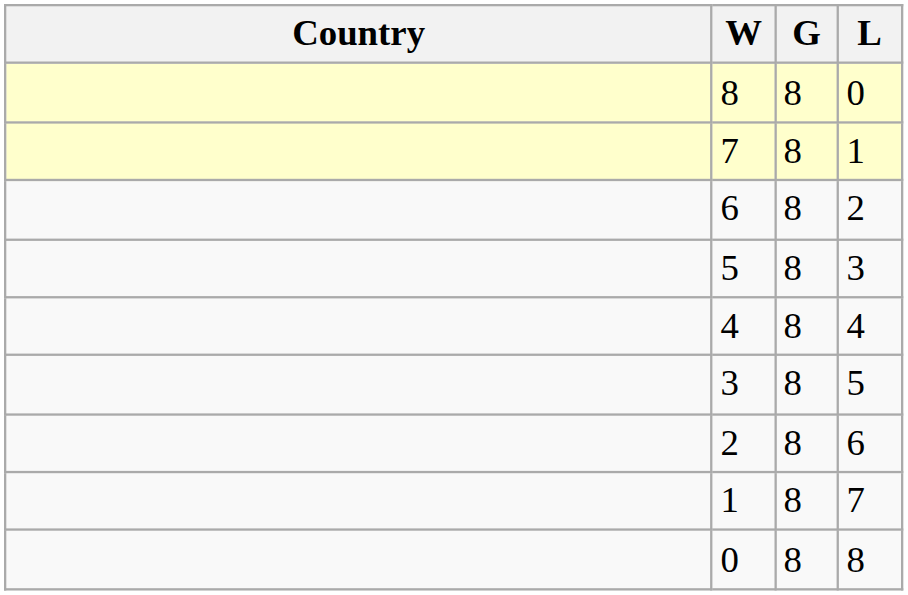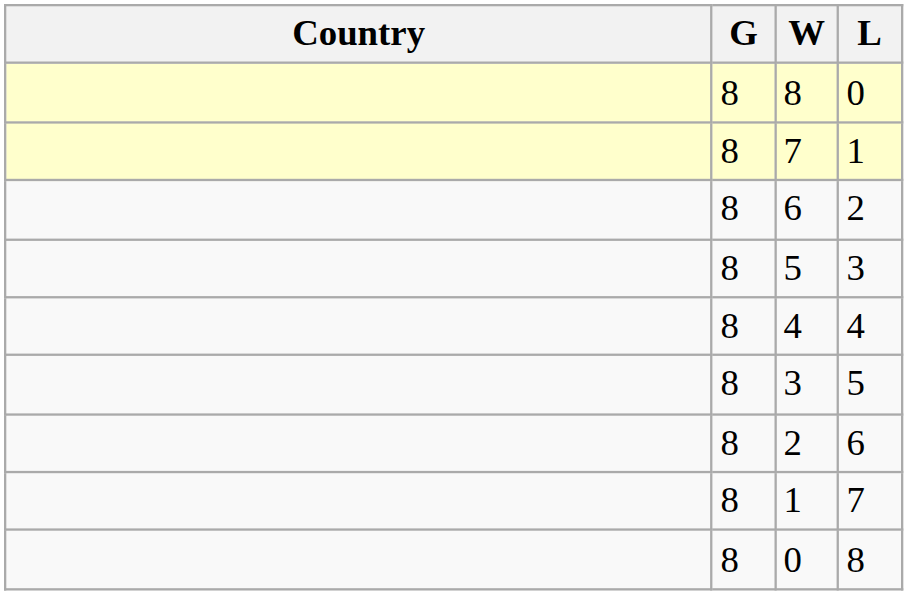 <table class="wikitable">
 <tr>
 <th bgcolor="#efefef" width="300">Country</th>
+<th bgcolor="#efefef" width="20">G</th>
 <th bgcolor="#efefef" width="20">W</th>
-<th bgcolor="#efefef" width="20">G</th>
 <th bgcolor="#efefef" width="20">L</th>
 </tr>
 <tr bgcolor="#ffffcc">
 <td></td>
 <td>8</td>
 <td>8</td>
 <td>0</td>
 </tr>
 <tr bgcolor="#ffffcc">
 <td></td>
+<td>8</td>
 <td>7</td>
-<td>8</td>
 <td>1</td>
 </tr>
 <tr>
 <td></td>
+<td>8</td>
 <td>6</td>
-<td>8</td>
 <td>2</td>
 </tr>
 <tr>
 <td></td>
+<td>8</td>
 <td>5</td>
-<td>8</td>
 <td>3</td>
 </tr>
 <tr>
 <td></td>
+<td>8</td>
 <td>4</td>
-<td>8</td>
 <td>4</td>
 </tr>
 <tr>
 <td></td>
+<td>8</td>
 <td>3</td>
-<td>8</td>
 <td>5</td>
 </tr>
 <tr>
 <td></td>
+<td>8</td>
 <td>2</td>
-<td>8</td>
 <td>6</td>
 </tr>
 <tr>
 <td></td>
+<td>8</td>
 <td>1</td>
-<td>8</td>
 <td>7</td>
 </tr>
 <tr>
 <td></td>
+<td>8</td>
 <td>0</td>
-<td>8</td>
 <td>8</td>
 </tr>
 </table>
